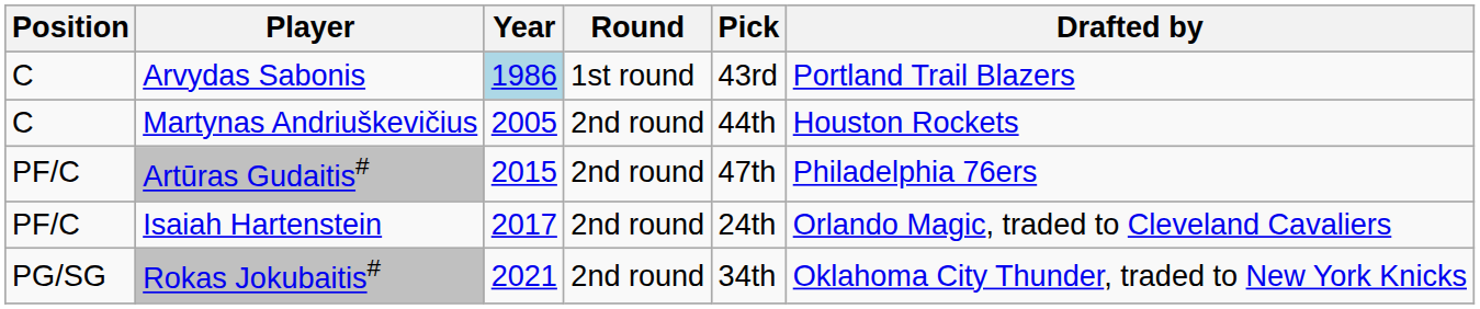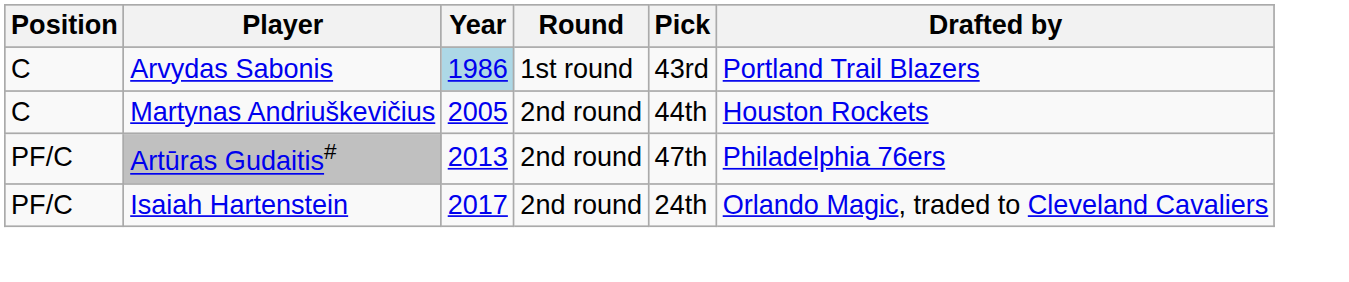 <table class="wikitable sortable" style="text-align: left;">
 <tr>
 <th>Position</th>
 <th>Player</th>
 <th>Year</th>
 <th>Round</th>
 <th>Pick</th>
 <th>Drafted by</th>
 </tr>
 <tr>
 <td>C</td>
 <td> <a href='#'>Arvydas Sabonis</a></td>
 <td style="background: lightblue;"><a href='#'>1986</a></td>
 <td>1st round</td>
 <td>43rd</td>
 <td><a href='#'>Portland Trail Blazers</a></td>
 </tr>
 <tr>
 <td>C</td>
 <td> <a href='#'>Martynas Andriuškevičius</a></td>
 <td><a href='#'>2005</a></td>
 <td>2nd round</td>
 <td>44th</td>
 <td><a href='#'>Houston Rockets</a></td>
 </tr>
 <tr>
 <td>PF/C</td>
 <td style="background:silver;"> <a href='#'>Artūras Gudaitis</a><sup>#</sup></td>
-<td><a href='#'>2015</a></td>
+<td><a href='#'>2013</a></td>
 <td>2nd round</td>
 <td>47th</td>
 <td><a href='#'>Philadelphia 76ers</a></td>
 </tr>
 <tr>
 <td>PF/C</td>
 <td> <a href='#'>Isaiah Hartenstein</a></td>
 <td><a href='#'>2017</a></td>
 <td>2nd round</td>
 <td>24th</td>
 <td><a href='#'>Orlando Magic</a>, traded to <a href='#'>Cleveland Cavaliers</a></td>
 </tr>
-<tr>
-<td>PG/SG</td>
-<td style="background:silver;"> <a href='#'>Rokas Jokubaitis</a><sup>#</sup></td>
-<td><a href='#'>2021</a></td>
-<td>2nd round</td>
-<td>34th</td>
-<td><a href='#'>Oklahoma City Thunder</a>, traded to <a href='#'>New York Knicks</a></td>
-</tr>
 </table>
